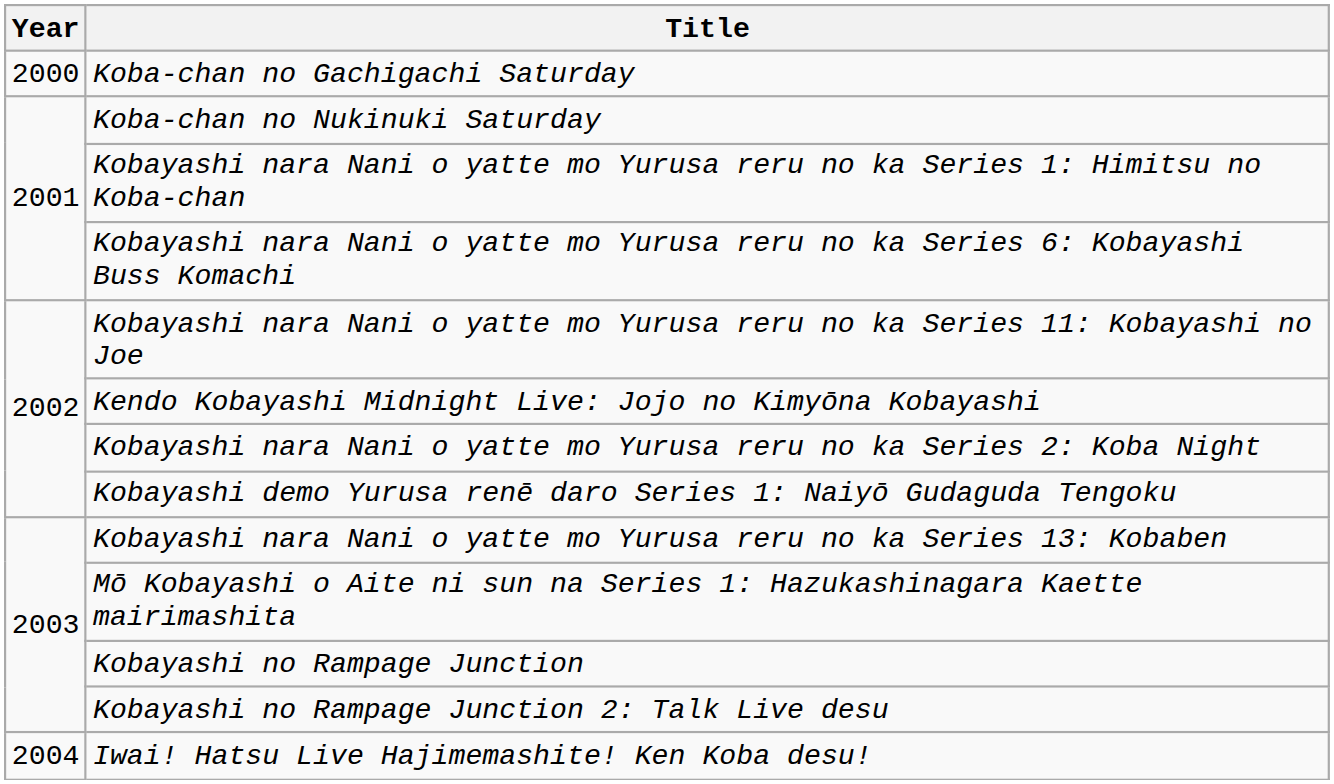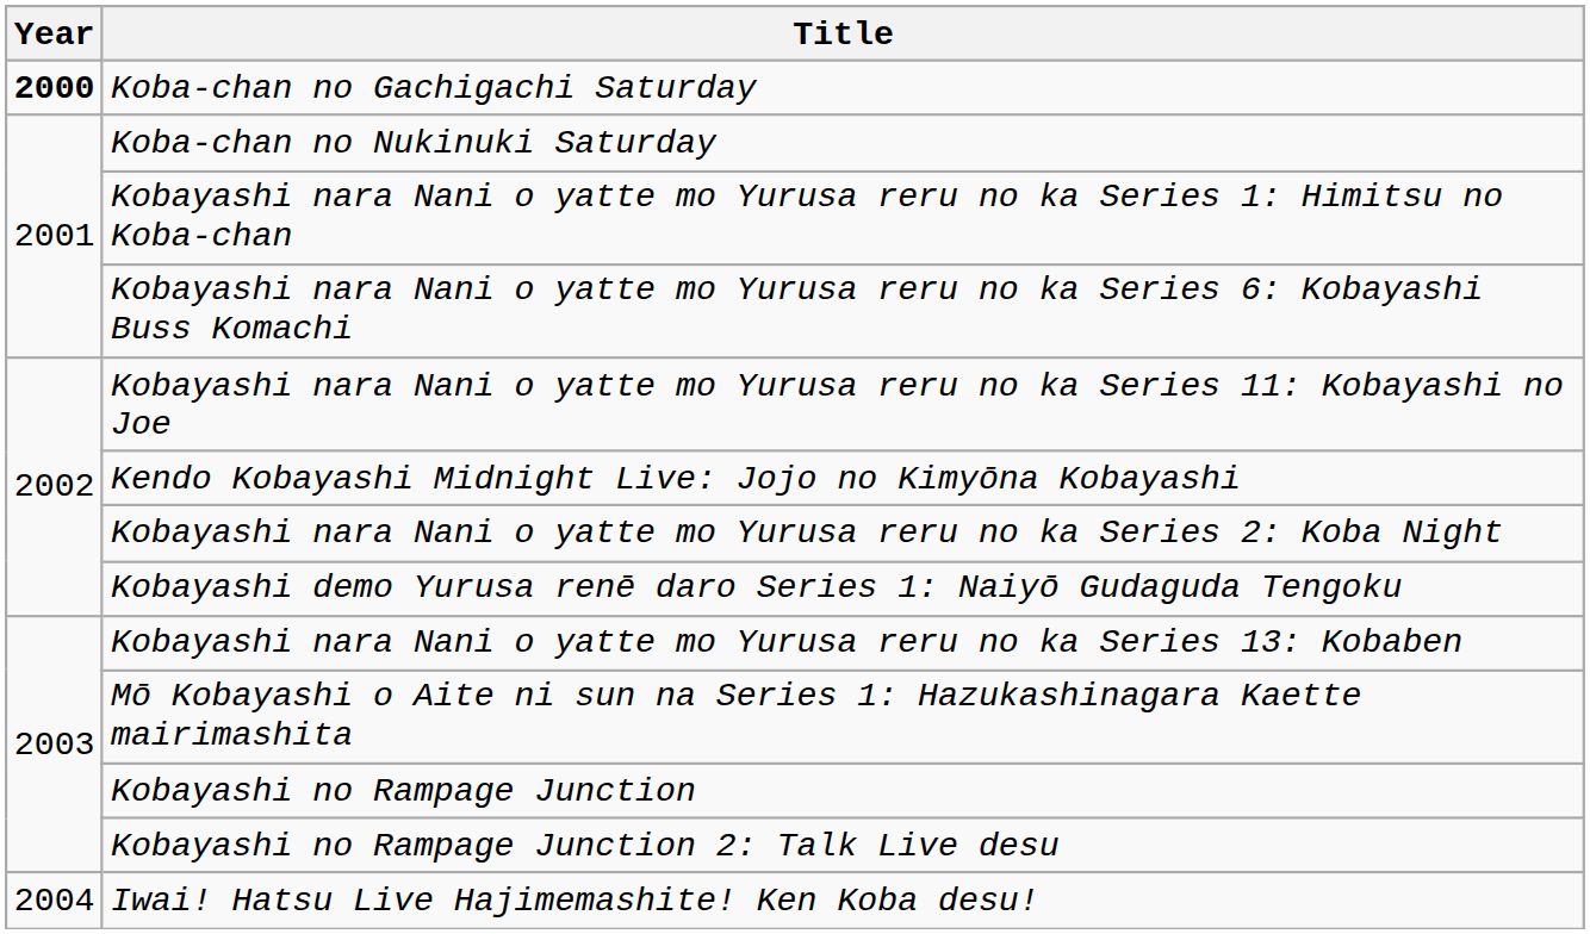 <table class="wikitable">
 <tr>
 <th>Year</th>
 <th>Title</th>
 </tr>
 <tr>
-<td>2000</td>
+<td><strong>2000</strong></td>
 <td><em>Koba-chan no Gachigachi Saturday</em></td>
 </tr>
 <tr>
 <td rowspan="3">2001</td>
 <td><em>Koba-chan no Nukinuki Saturday</em></td>
 </tr>
 <tr>
 <td><em>Kobayashi nara Nani o yatte mo Yurusa reru no ka Series 1: Himitsu no Koba-chan</em></td>
 </tr>
 <tr>
 <td><em>Kobayashi nara Nani o yatte mo Yurusa reru no ka Series 6: Kobayashi Buss Komachi</em></td>
 </tr>
 <tr>
 <td rowspan="4">2002</td>
 <td><em>Kobayashi nara Nani o yatte mo Yurusa reru no ka Series 11: Kobayashi no Joe</em></td>
 </tr>
 <tr>
 <td><em>Kendo Kobayashi Midnight Live: Jojo no Kimyōna Kobayashi</em></td>
 </tr>
 <tr>
 <td><em>Kobayashi nara Nani o yatte mo Yurusa reru no ka Series 2: Koba Night</em></td>
 </tr>
 <tr>
 <td><em>Kobayashi demo Yurusa renē daro Series 1: Naiyō Gudaguda Tengoku</em></td>
 </tr>
 <tr>
 <td rowspan="4">2003</td>
 <td><em>Kobayashi nara Nani o yatte mo Yurusa reru no ka Series 13: Kobaben</em></td>
 </tr>
 <tr>
 <td><em>Mō Kobayashi o Aite ni sun na Series 1: Hazukashinagara Kaette mairimashita</em></td>
 </tr>
 <tr>
 <td><em>Kobayashi no Rampage Junction</em></td>
 </tr>
 <tr>
 <td><em>Kobayashi no Rampage Junction 2: Talk Live desu</em></td>
 </tr>
 <tr>
 <td>2004</td>
 <td><em>Iwai! Hatsu Live Hajimemashite! Ken Koba desu!</em></td>
 </tr>
 </table>
